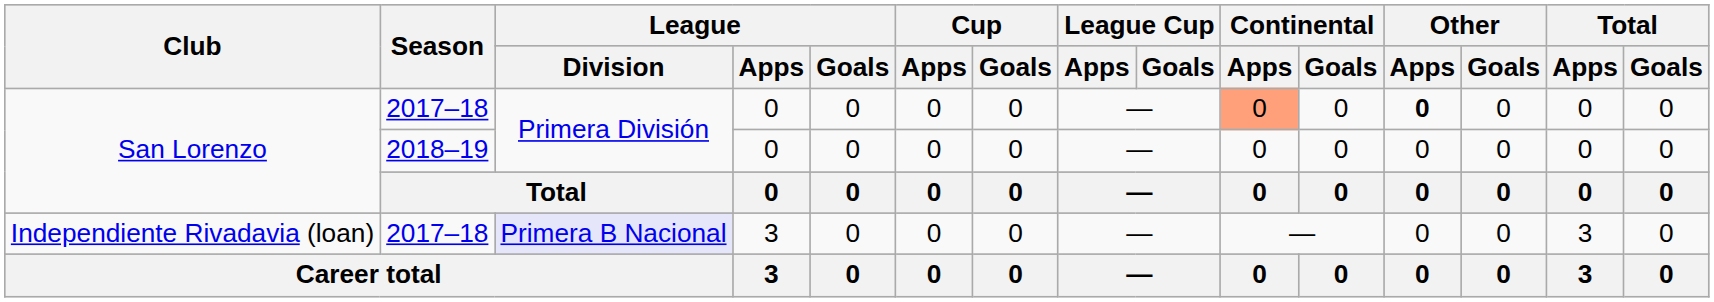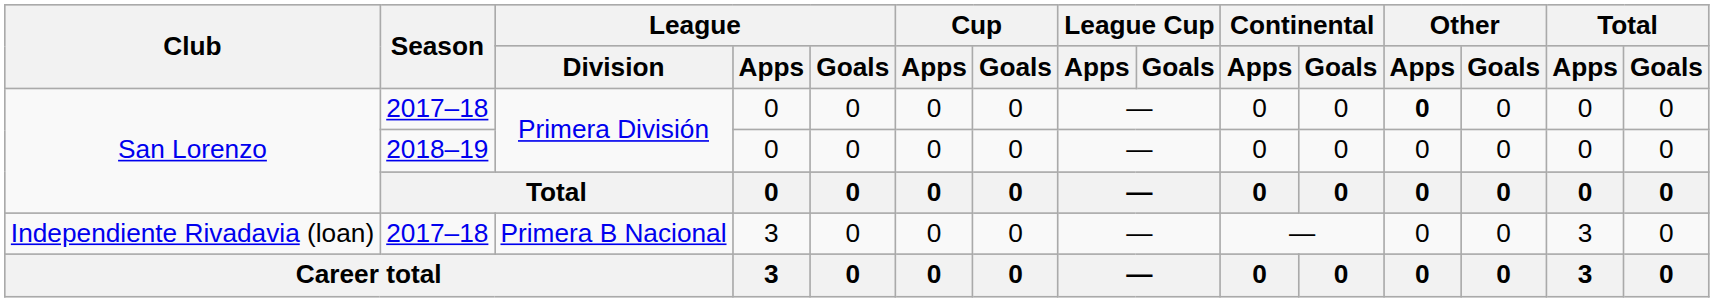 <table class="wikitable" style="text-align:center">
 <tr>
 <th rowspan="2">Club</th>
 <th rowspan="2">Season</th>
 <th colspan="3">League</th>
 <th colspan="2">Cup</th>
 <th colspan="2">League Cup</th>
 <th colspan="2">Continental</th>
 <th colspan="2">Other</th>
 <th colspan="2">Total</th>
 </tr>
 <tr>
 <th>Division</th>
 <th>Apps</th>
 <th>Goals</th>
 <th>Apps</th>
 <th>Goals</th>
 <th>Apps</th>
 <th>Goals</th>
 <th>Apps</th>
 <th>Goals</th>
 <th>Apps</th>
 <th>Goals</th>
 <th>Apps</th>
 <th>Goals</th>
 </tr>
 <tr>
 <td rowspan="3"><a href='#'>San Lorenzo</a></td>
 <td><a href='#'>2017–18</a></td>
 <td rowspan="2"><a href='#'>Primera División</a></td>
 <td>0</td>
 <td>0</td>
 <td>0</td>
 <td>0</td>
 <td colspan="2">—</td>
-<td style="background: lightsalmon;">0</td>
+<td>0</td>
 <td>0</td>
 <td><strong>0</strong></td>
 <td>0</td>
 <td>0</td>
 <td>0</td>
 </tr>
 <tr>
 <td><a href='#'>2018–19</a></td>
 <td>0</td>
 <td>0</td>
 <td>0</td>
 <td>0</td>
 <td colspan="2">—</td>
 <td>0</td>
 <td>0</td>
 <td>0</td>
 <td>0</td>
 <td>0</td>
 <td>0</td>
 </tr>
 <tr>
 <th colspan="2">Total</th>
 <th>0</th>
 <th>0</th>
 <th>0</th>
 <th>0</th>
 <th colspan="2">—</th>
 <th>0</th>
 <th>0</th>
 <th>0</th>
 <th>0</th>
 <th>0</th>
 <th>0</th>
 </tr>
 <tr>
 <td rowspan="1"><a href='#'>Independiente Rivadavia</a> (loan)</td>
 <td><a href='#'>2017–18</a></td>
-<td rowspan="1" style="background: lavender;"><a href='#'>Primera B Nacional</a></td>
+<td rowspan="1"><a href='#'>Primera B Nacional</a></td>
 <td>3</td>
 <td>0</td>
 <td>0</td>
 <td>0</td>
 <td colspan="2">—</td>
 <td colspan="2">—</td>
 <td>0</td>
 <td>0</td>
 <td>3</td>
 <td>0</td>
 </tr>
 <tr>
 <th colspan="3">Career total</th>
 <th>3</th>
 <th>0</th>
 <th>0</th>
 <th>0</th>
 <th colspan="2">—</th>
 <th>0</th>
 <th>0</th>
 <th>0</th>
 <th>0</th>
 <th>3</th>
 <th>0</th>
 </tr>
 </table>
